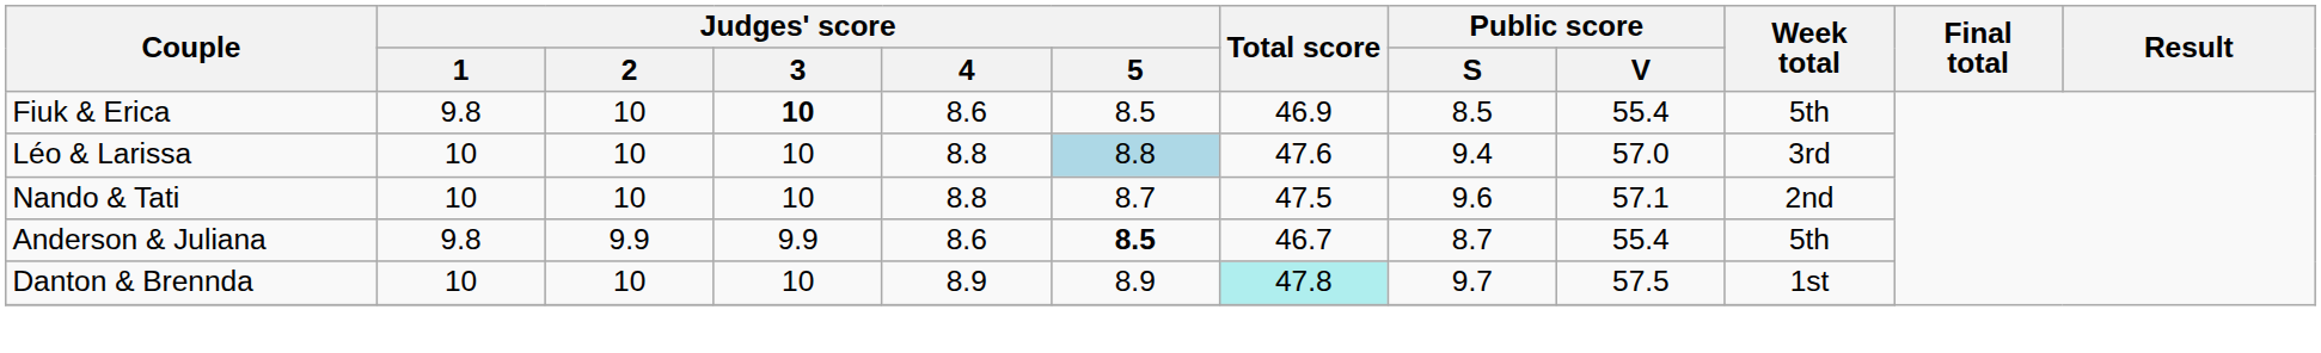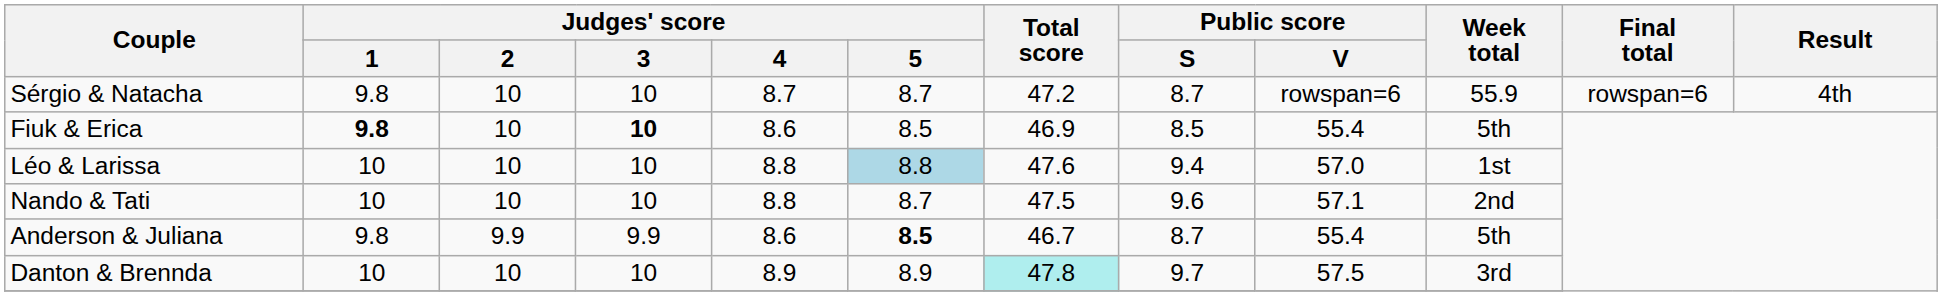 <table class="wikitable" style="font-size:100%; line-height:16px; text-align:center" width="100%">
 <tr>
 <th rowspan=2 width="11.0%">Couple</th>
 <th colspan=5 width="25.0%">Judges' score</th>
 <th rowspan=2 width="05.0%">Total score</th>
 <th colspan=2 width="10.0%">Public score</th>
 <th rowspan=2 width="05.0%">Week<br>total</th>
 <th rowspan=2 width="05.0%">Final<br>total</th>
 <th rowspan=2 width="07.5%">Result</th>
 </tr>
 <tr>
 <th width="05.0%">1</th>
 <th width="05.0%">2</th>
 <th width="05.0%">3</th>
 <th width="05.0%">4</th>
 <th width="05.0%">5</th>
 <th width="05.0%">S</th>
 <th width="05.0%">V</th>
 </tr>
 <tr>
+<td align="left">Sérgio & Natacha</td>
+<td>9.8</td>
+<td>10</td>
+<td>10</td>
+<td>8.7</td>
+<td>8.7</td>
+<td>47.2</td>
+<td>8.7</td>
+<td>rowspan=6 </td>
+<td>55.9</td>
+<td>rowspan=6 </td>
+<td>4th</td>
+</tr>
+<tr>
 <td align="left">Fiuk & Erica</td>
-<td>9.8</td>
+<td><strong>9.8</strong></td>
 <td>10</td>
 <td><strong>10</strong></td>
 <td>8.6</td>
 <td>8.5</td>
 <td>46.9</td>
 <td>8.5</td>
 <td>55.4</td>
 <td>5th</td>
 </tr>
 <tr>
 <td align="left">Léo & Larissa</td>
 <td>10</td>
 <td>10</td>
 <td>10</td>
 <td>8.8</td>
 <td style="background: lightblue;">8.8</td>
 <td>47.6</td>
 <td>9.4</td>
 <td>57.0</td>
-<td>3rd</td>
+<td>1st</td>
 </tr>
 <tr>
 <td align="left">Nando & Tati</td>
 <td>10</td>
 <td>10</td>
 <td>10</td>
 <td>8.8</td>
 <td>8.7</td>
 <td>47.5</td>
 <td>9.6</td>
 <td>57.1</td>
 <td>2nd</td>
 </tr>
 <tr>
 <td align="left">Anderson & Juliana</td>
 <td>9.8</td>
 <td>9.9</td>
 <td>9.9</td>
 <td>8.6</td>
 <td><strong>8.5</strong></td>
 <td>46.7</td>
 <td>8.7</td>
 <td>55.4</td>
 <td>5th</td>
 </tr>
 <tr>
 <td align="left">Danton & Brennda</td>
 <td>10</td>
 <td>10</td>
 <td>10</td>
 <td>8.9</td>
 <td>8.9</td>
 <td style="background: paleturquoise;">47.8</td>
 <td>9.7</td>
 <td>57.5</td>
-<td>1st</td>
+<td>3rd</td>
 </tr>
 <tr>
 </tr>
 </table>
